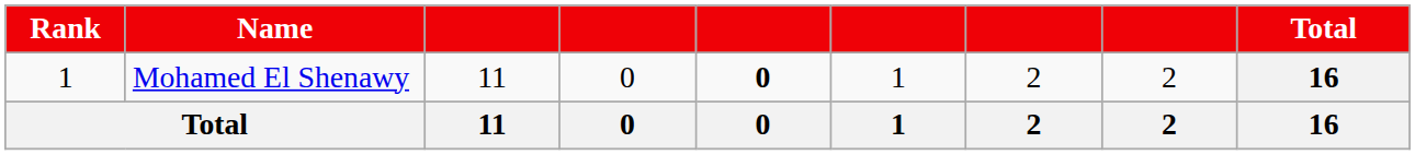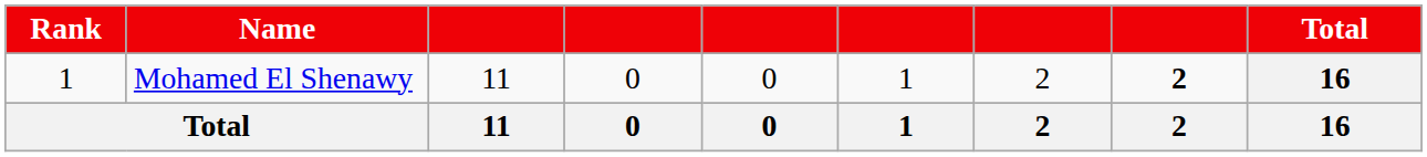 <table class=wikitable style=text-align:center;>
 <tr>
 <th style="background:#EF0107; color:white; width:56px";>Rank</th>
 <th style="background:#EF0107; color:white; width:150px";>Name</th>
 <th style="background:#EF0107; color:white; width:64px";></th>
 <th style="background:#EF0107; color:white; width:64px";></th>
 <th style="background:#EF0107; color:white; width:64px";></th>
 <th style="background:#EF0107; color:white; width:64px";></th>
 <th style="background:#EF0107; color:white; width:64px";></th>
 <th style="background:#EF0107; color:white; width:64px";></th>
 <th style="background:#EF0107; color:white; width:84px";>Total</th>
 </tr>
 <tr>
 <td>1</td>
 <td align="left"> <a href='#'>Mohamed El Shenawy</a></td>
 <td>11</td>
 <td>0</td>
-<td><strong>0</strong></td>
+<td>0</td>
 <td>1</td>
 <td>2</td>
-<td>2</td>
+<td><strong>2</strong></td>
 <th>16</th>
 </tr>
 <tr>
 <th colspan=2>Total</th>
 <th>11</th>
 <th>0</th>
 <th>0</th>
 <th>1</th>
 <th>2</th>
 <th>2</th>
 <th>16</th>
 </tr>
 </table>
